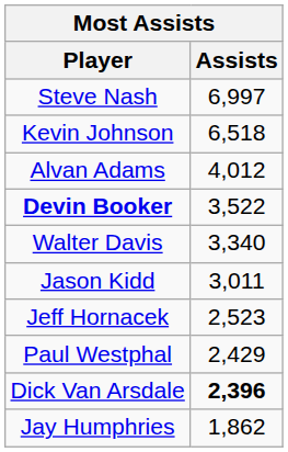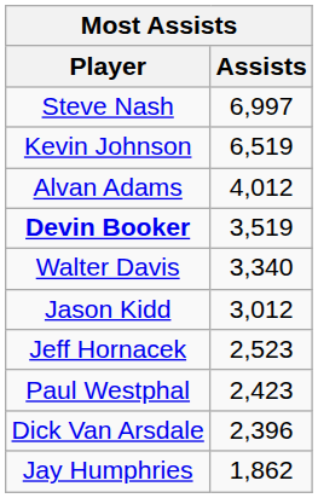 <table class="wikitable sortable" style="text-align:center">
 <tr>
 <th colspan="5">Most Assists</th>
 </tr>
 <tr>
 <th>Player</th>
 <th>Assists</th>
 </tr>
 <tr>
 <td><a href='#'>Steve Nash</a></td>
 <td>6,997</td>
 </tr>
 <tr>
 <td><a href='#'>Kevin Johnson</a></td>
-<td>6,518</td>
+<td>6,519</td>
 </tr>
 <tr>
 <td><a href='#'>Alvan Adams</a></td>
 <td>4,012</td>
 </tr>
 <tr>
 <td><strong><a href='#'>Devin Booker</a></strong></td>
-<td>3,522</td>
+<td>3,519</td>
 </tr>
 <tr>
 <td><a href='#'>Walter Davis</a></td>
 <td>3,340</td>
 </tr>
 <tr>
 <td><a href='#'>Jason Kidd</a></td>
-<td>3,011</td>
+<td>3,012</td>
 </tr>
 <tr>
 <td><a href='#'>Jeff Hornacek</a></td>
 <td>2,523</td>
 </tr>
 <tr>
 <td><a href='#'>Paul Westphal</a></td>
-<td>2,429</td>
+<td>2,423</td>
 </tr>
 <tr>
 <td><a href='#'>Dick Van Arsdale</a></td>
-<td><strong>2,396</strong></td>
+<td>2,396</td>
 </tr>
 <tr>
 <td><a href='#'>Jay Humphries</a></td>
 <td>1,862</td>
 </tr>
 </table>
